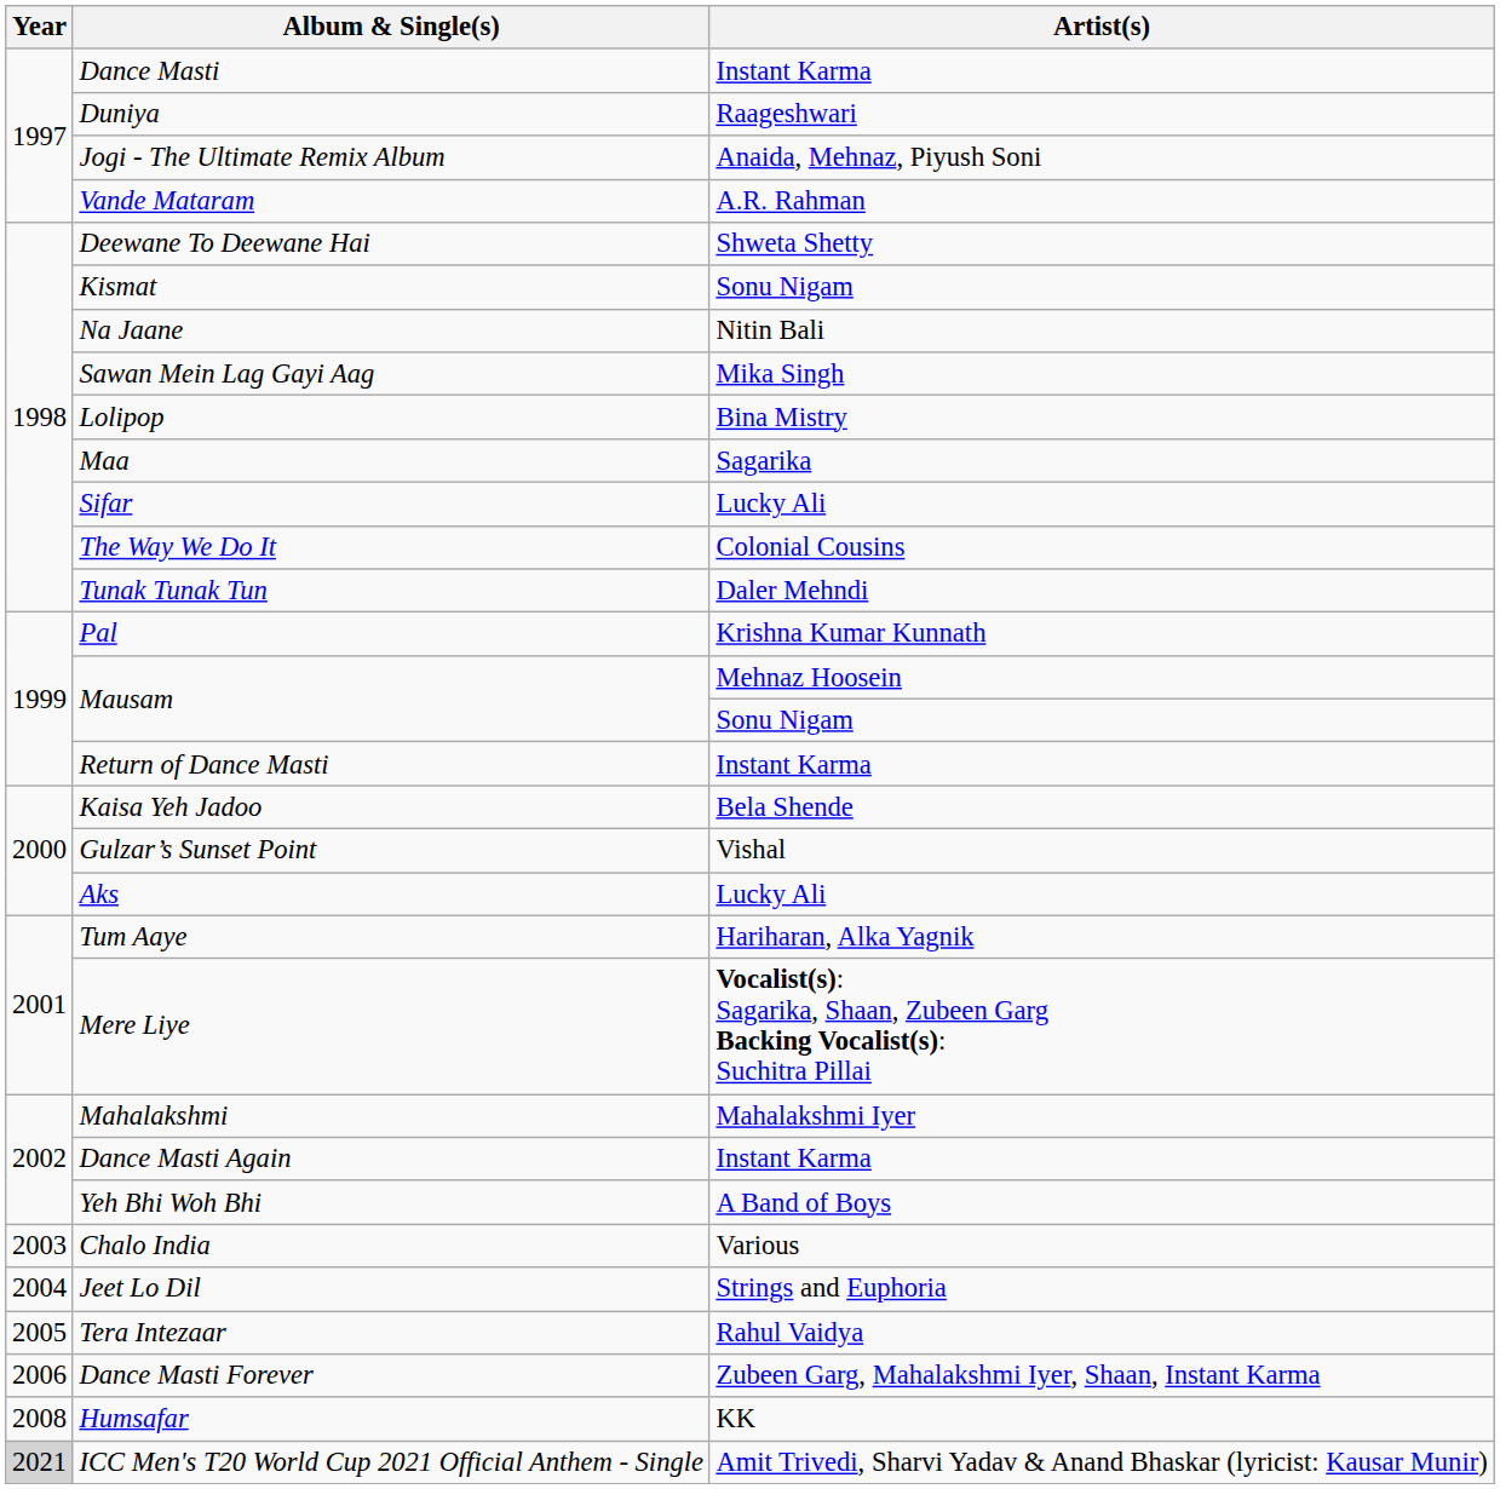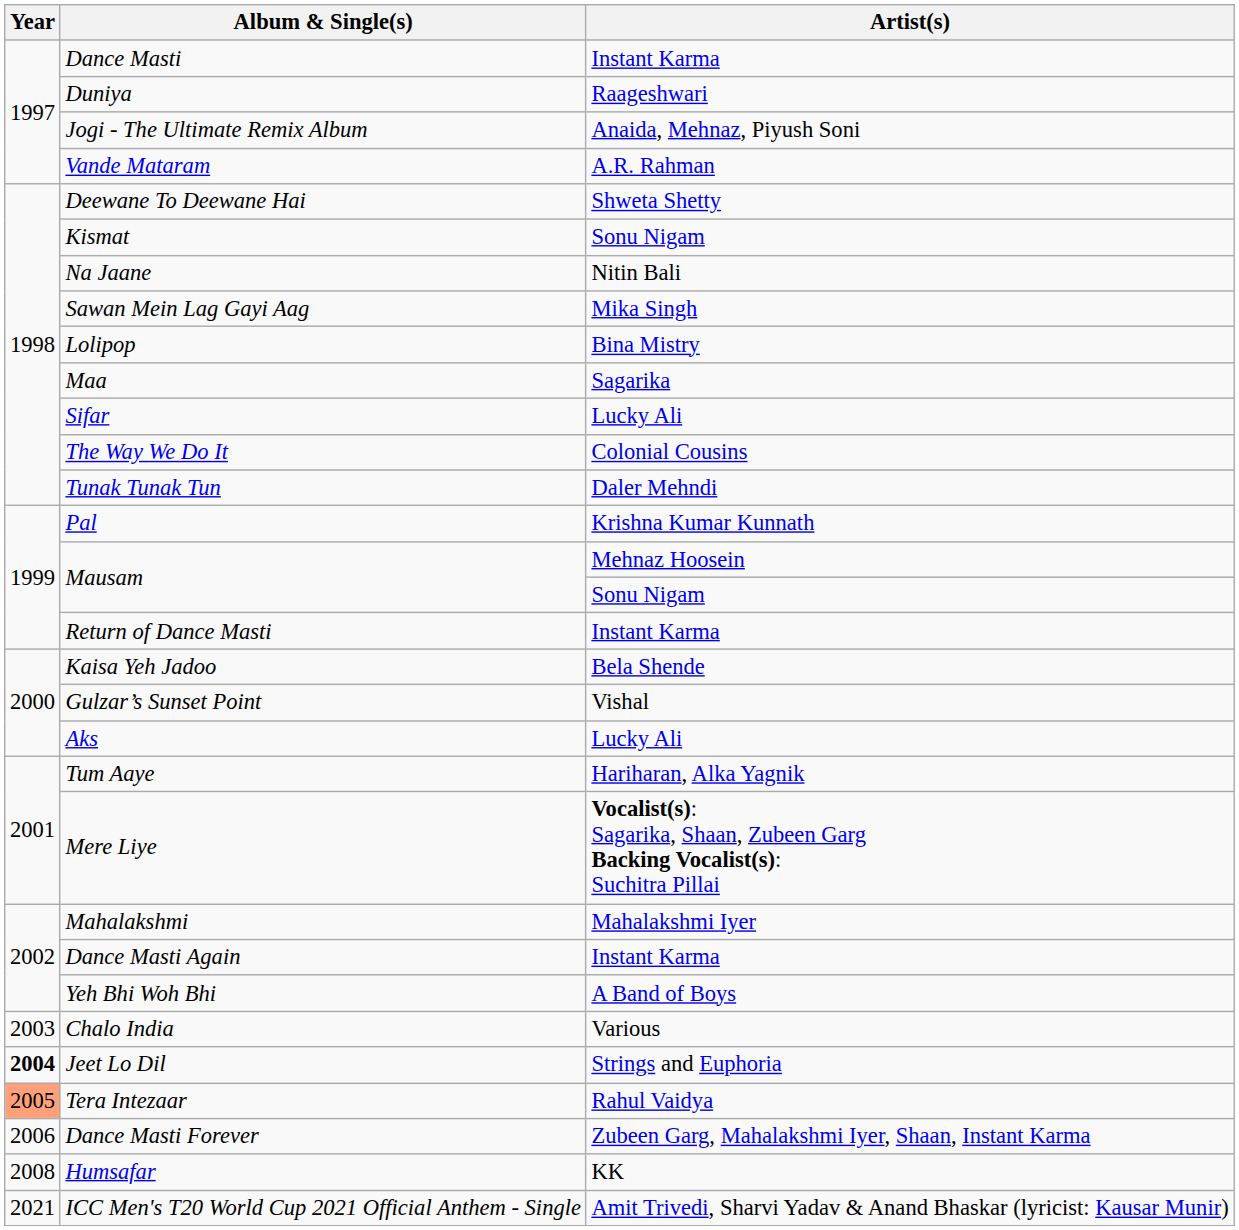 <table class="wikitable">
 <tr>
 <th>Year</th>
 <th>Album & Single(s)</th>
 <th>Artist(s)</th>
 </tr>
 <tr>
 <td rowspan="4">1997</td>
 <td><em>Dance Masti</em></td>
 <td><a href='#'>Instant Karma</a></td>
 </tr>
 <tr>
 <td><em>Duniya</em></td>
 <td><a href='#'>Raageshwari</a></td>
 </tr>
 <tr>
 <td><em>Jogi - The Ultimate Remix Album</em></td>
 <td><a href='#'>Anaida</a>, <a href='#'>Mehnaz</a>, Piyush Soni</td>
 </tr>
 <tr>
 <td><em><a href='#'>Vande Mataram</a></em></td>
 <td><a href='#'>A.R. Rahman</a></td>
 </tr>
 <tr>
 <td rowspan="9">1998</td>
 <td><em>Deewane To Deewane Hai</em></td>
 <td><a href='#'>Shweta Shetty</a></td>
 </tr>
 <tr>
 <td><em>Kismat</em></td>
 <td><a href='#'>Sonu Nigam</a></td>
 </tr>
 <tr>
 <td><em>Na Jaane</em></td>
 <td>Nitin Bali</td>
 </tr>
 <tr>
 <td><em>Sawan Mein Lag Gayi Aag</em></td>
 <td><a href='#'>Mika Singh</a></td>
 </tr>
 <tr>
 <td><em>Lolipop</em></td>
 <td><a href='#'>Bina Mistry</a></td>
 </tr>
 <tr>
 <td><em>Maa</em></td>
 <td><a href='#'>Sagarika</a></td>
 </tr>
 <tr>
 <td><em><a href='#'>Sifar</a></em></td>
 <td><a href='#'>Lucky Ali</a></td>
 </tr>
 <tr>
 <td><em><a href='#'>The Way We Do It</a></em></td>
 <td><a href='#'>Colonial Cousins</a></td>
 </tr>
 <tr>
 <td><em><a href='#'>Tunak Tunak Tun</a></em></td>
 <td><a href='#'>Daler Mehndi</a></td>
 </tr>
 <tr>
 <td rowspan="4">1999</td>
 <td><em><a href='#'>Pal</a></em></td>
 <td><a href='#'>Krishna Kumar Kunnath</a></td>
 </tr>
 <tr>
 <td rowspan="2'"><em>Mausam</em></td>
 <td><a href='#'>Mehnaz Hoosein</a></td>
 </tr>
 <tr>
 <td><a href='#'>Sonu Nigam</a></td>
 </tr>
 <tr>
 <td><em>Return of Dance Masti</em></td>
 <td><a href='#'>Instant Karma</a></td>
 </tr>
 <tr>
 <td rowspan="3">2000</td>
 <td><em>Kaisa Yeh Jadoo</em></td>
 <td><a href='#'>Bela Shende</a></td>
 </tr>
 <tr>
 <td><em>Gulzar’s Sunset Point</em></td>
 <td>Vishal</td>
 </tr>
 <tr>
 <td><em><a href='#'>Aks</a></em></td>
 <td><a href='#'>Lucky Ali</a></td>
 </tr>
 <tr>
 <td rowspan="2">2001</td>
 <td><em>Tum Aaye</em></td>
 <td><a href='#'>Hariharan</a>, <a href='#'>Alka Yagnik</a></td>
 </tr>
 <tr>
 <td><em>Mere Liye</em></td>
 <td><strong>Vocalist(s)</strong>: <br> <a href='#'>Sagarika</a>, <a href='#'>Shaan</a>, <a href='#'>Zubeen Garg</a> <br> <strong>Backing Vocalist(s)</strong>: <br> <a href='#'>Suchitra Pillai</a></td>
 </tr>
 <tr>
 <td rowspan="3">2002</td>
 <td><em>Mahalakshmi</em></td>
 <td><a href='#'>Mahalakshmi Iyer</a></td>
 </tr>
 <tr>
 <td><em>Dance Masti Again</em></td>
 <td><a href='#'>Instant Karma</a></td>
 </tr>
 <tr>
 <td><em>Yeh Bhi Woh Bhi</em></td>
 <td><a href='#'>A Band of Boys</a></td>
 </tr>
 <tr>
 <td>2003</td>
 <td><em>Chalo India</em></td>
 <td>Various</td>
 </tr>
 <tr>
-<td>2004</td>
+<td><strong>2004</strong></td>
 <td><em>Jeet Lo Dil</em></td>
 <td><a href='#'>Strings</a> and <a href='#'>Euphoria</a></td>
 </tr>
 <tr>
-<td>2005</td>
+<td style="background: lightsalmon;">2005</td>
 <td><em>Tera Intezaar</em></td>
 <td><a href='#'>Rahul Vaidya</a></td>
 </tr>
 <tr>
 <td>2006</td>
 <td><em>Dance Masti Forever</em></td>
 <td><a href='#'>Zubeen Garg</a>, <a href='#'>Mahalakshmi Iyer</a>, <a href='#'>Shaan</a>, <a href='#'>Instant Karma</a></td>
 </tr>
 <tr>
 <td>2008</td>
 <td><em><a href='#'>Humsafar</a></em></td>
 <td>KK</td>
 </tr>
 <tr>
-<td style="background: lightgrey;">2021</td>
+<td>2021</td>
 <td><em>ICC Men's T20 World Cup 2021 Official Anthem - Single</em></td>
 <td><a href='#'>Amit Trivedi</a>, Sharvi Yadav & Anand Bhaskar (lyricist: <a href='#'>Kausar Munir</a>)</td>
 </tr>
 <tr>
 </tr>
 </table>
